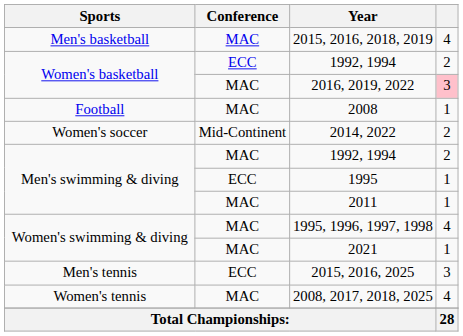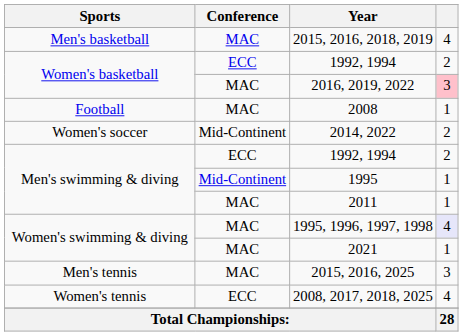 <table class="wikitable" width=" " style="text-align:center ;">
 <tr>
 <th width=200px>Sports</th>
 <th>Conference</th>
 <th>Year</th>
 <th></th>
 </tr>
 <tr>
 <td><a href='#'>Men's basketball</a></td>
 <td><a href='#'>MAC</a></td>
 <td>2015, 2016, 2018, 2019</td>
 <td>4</td>
 </tr>
 <tr>
 <td rowspan="2"><a href='#'>Women's basketball</a></td>
 <td><a href='#'>ECC</a></td>
 <td>1992, 1994</td>
 <td>2</td>
 </tr>
 <tr>
 <td>MAC</td>
 <td>2016, 2019, 2022</td>
 <td style="background: pink;">3</td>
 </tr>
 <tr>
 <td><a href='#'>Football</a></td>
 <td>MAC</td>
 <td>2008</td>
 <td>1</td>
 </tr>
 <tr>
 <td>Women's soccer</td>
 <td>Mid-Continent</td>
 <td>2014, 2022</td>
 <td>2</td>
 </tr>
 <tr>
 <td rowspan="3">Men's swimming & diving</td>
-<td>MAC</td>
+<td>ECC</td>
 <td>1992, 1994</td>
 <td>2</td>
 </tr>
 <tr>
-<td>ECC</td>
+<td><a href='#'>Mid-Continent</a></td>
 <td>1995</td>
 <td>1</td>
 </tr>
 <tr>
 <td>MAC</td>
 <td>2011</td>
 <td>1</td>
 </tr>
 <tr>
 <td rowspan="2">Women's swimming & diving</td>
 <td>MAC</td>
 <td>1995, 1996, 1997, 1998</td>
-<td>4</td>
+<td style="background: lavender;">4</td>
 </tr>
 <tr>
 <td>MAC</td>
 <td>2021</td>
 <td>1</td>
 </tr>
 <tr>
 <td>Men's tennis</td>
-<td>ECC</td>
+<td>MAC</td>
 <td>2015, 2016, 2025</td>
 <td>3</td>
 </tr>
 <tr>
 <td>Women's tennis</td>
-<td>MAC</td>
+<td>ECC</td>
 <td>2008, 2017, 2018, 2025</td>
 <td>4</td>
 </tr>
 <tr>
 </tr>
 <tr>
 <th colspan="3;">Total Championships:</th>
 <th>28</th>
 </tr>
 </table>
